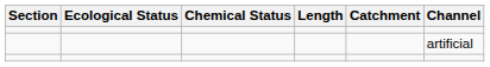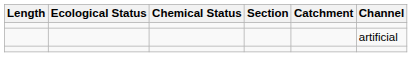 <table class="wikitable">
 <tr>
-<th>Section</th>
+<th>Length</th>
 <th>Ecological Status</th>
 <th>Chemical Status</th>
-<th>Length</th>
+<th>Section</th>
 <th>Catchment</th>
 <th>Channel</th>
 </tr>
 <tr>
 <td></td>
 <td></td>
 <td></td>
 <td></td>
 <td></td>
 <td></td>
 </tr>
 <tr>
 <td></td>
 <td></td>
 <td></td>
 <td></td>
 <td></td>
 <td>artificial</td>
 </tr>
 <tr>
 <td></td>
 <td></td>
 <td></td>
 <td></td>
 <td></td>
 <td></td>
 </tr>
 </table>
